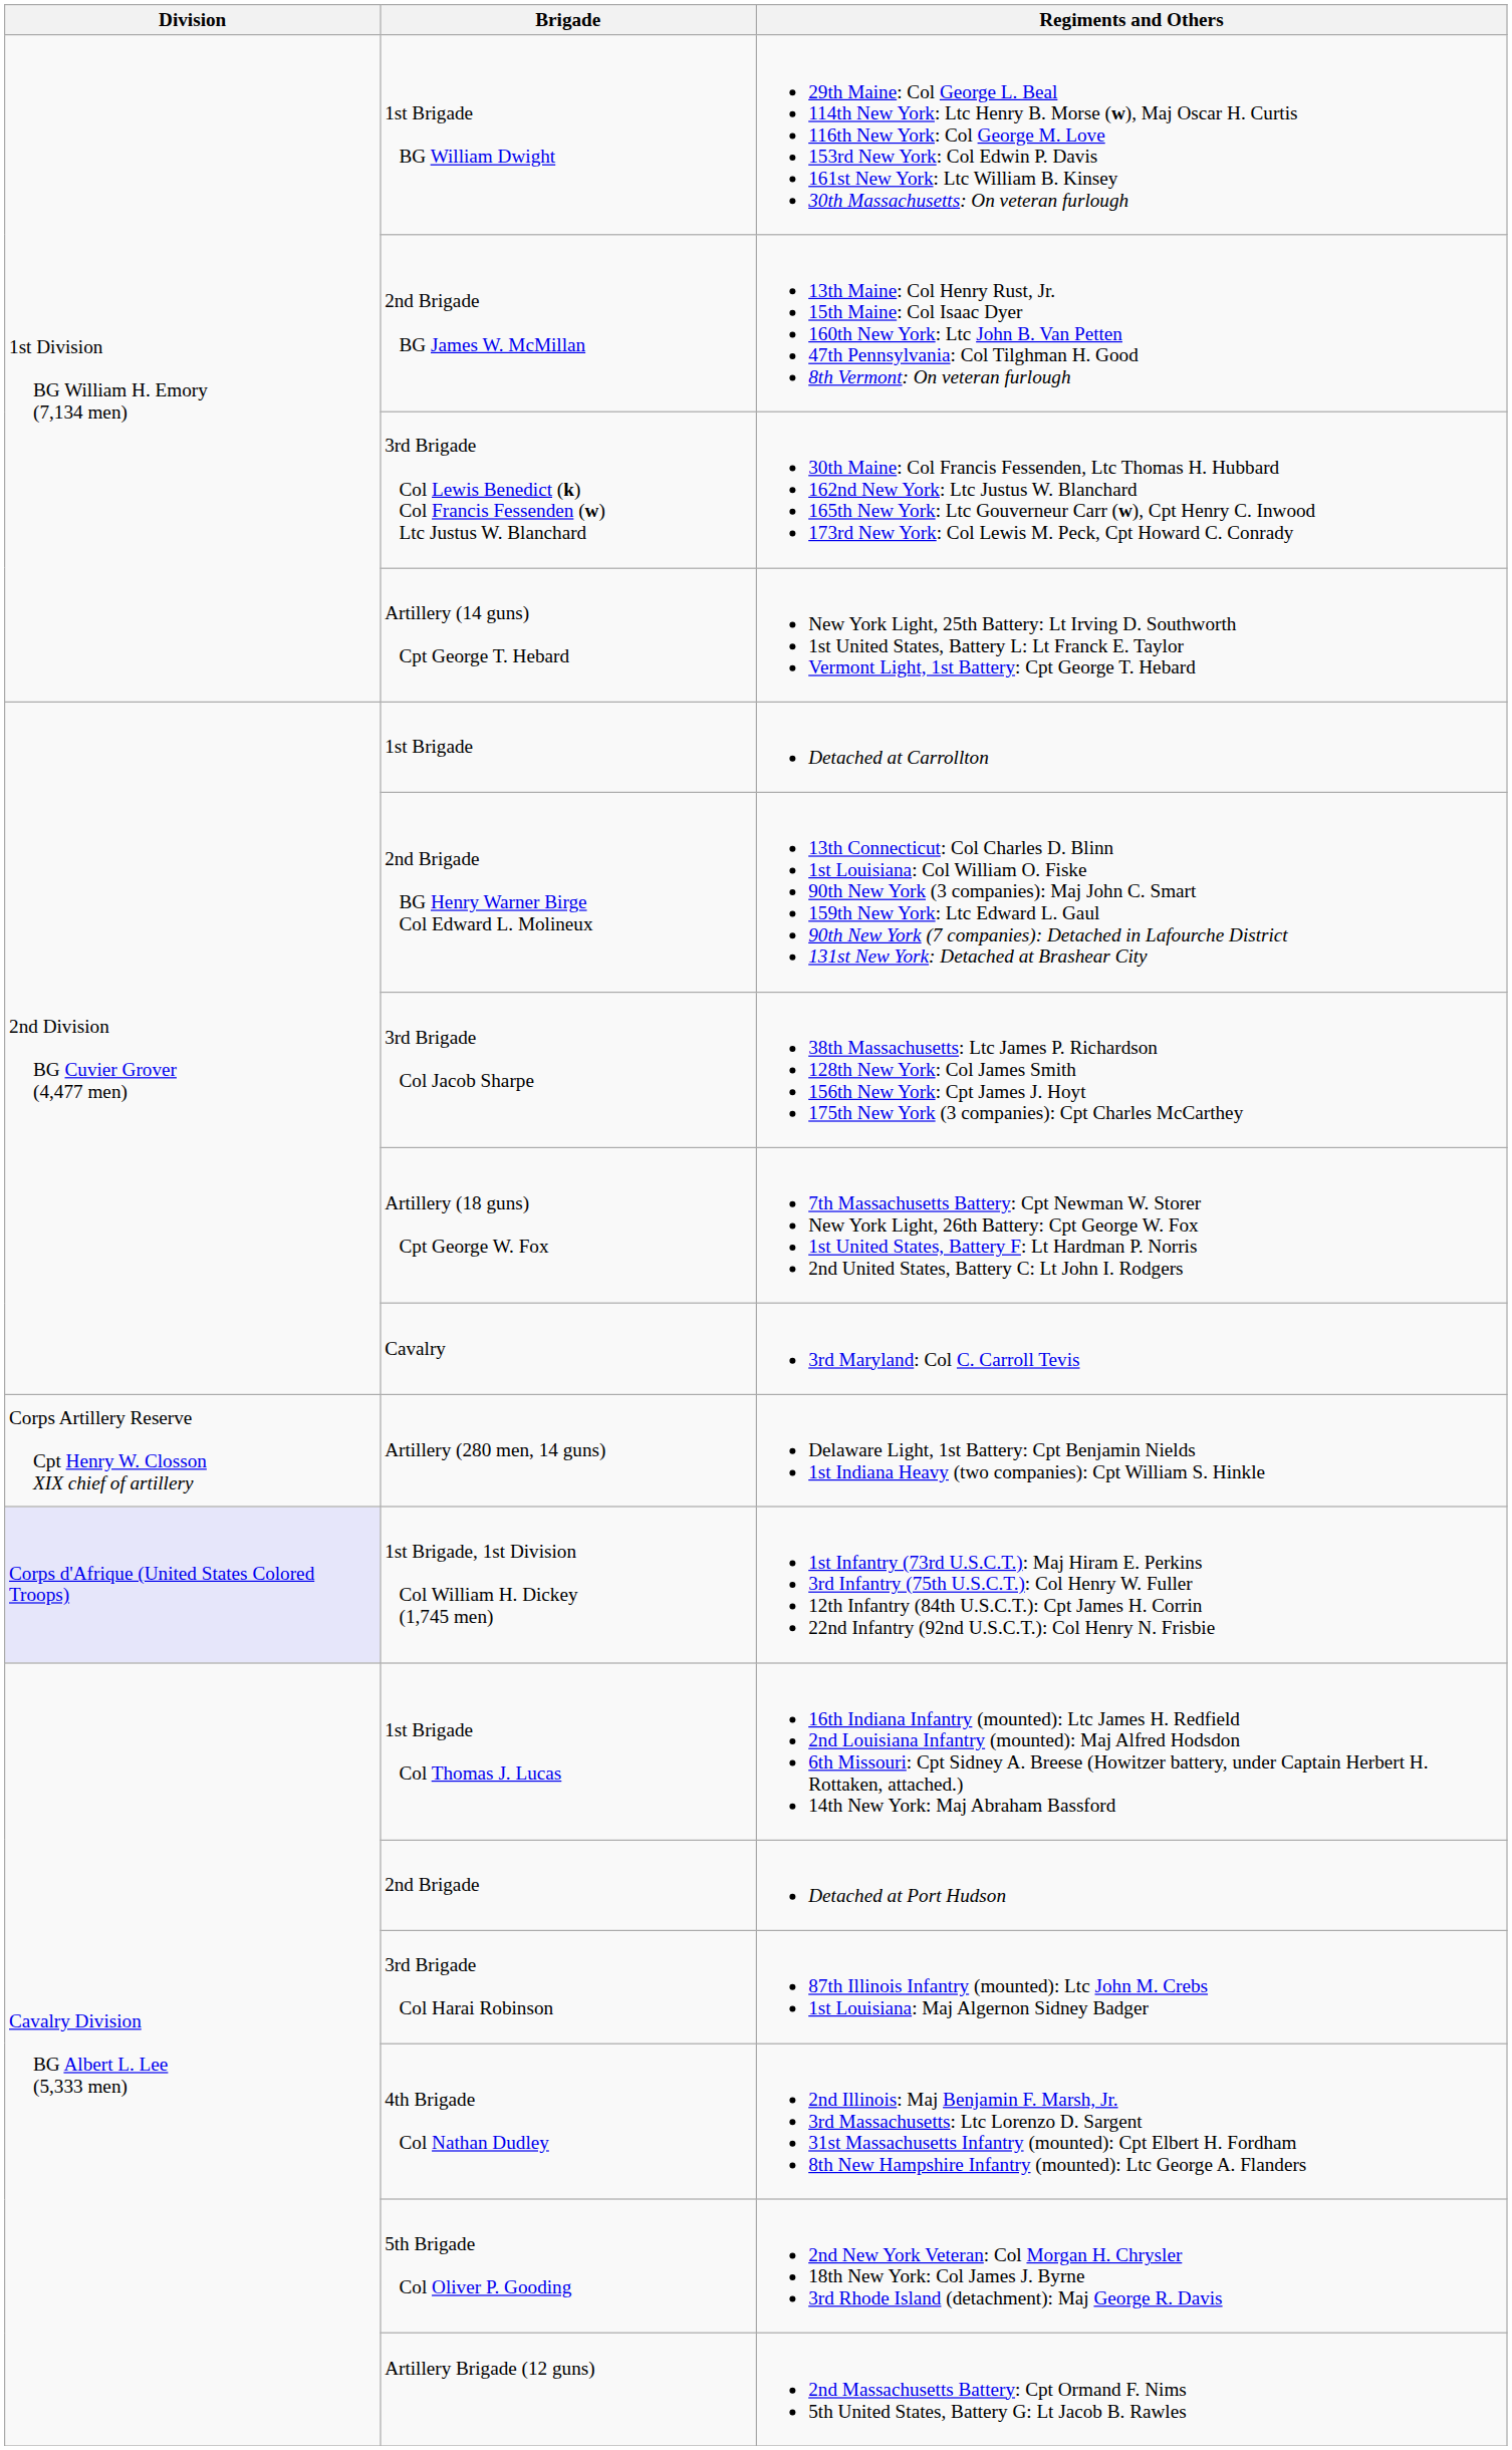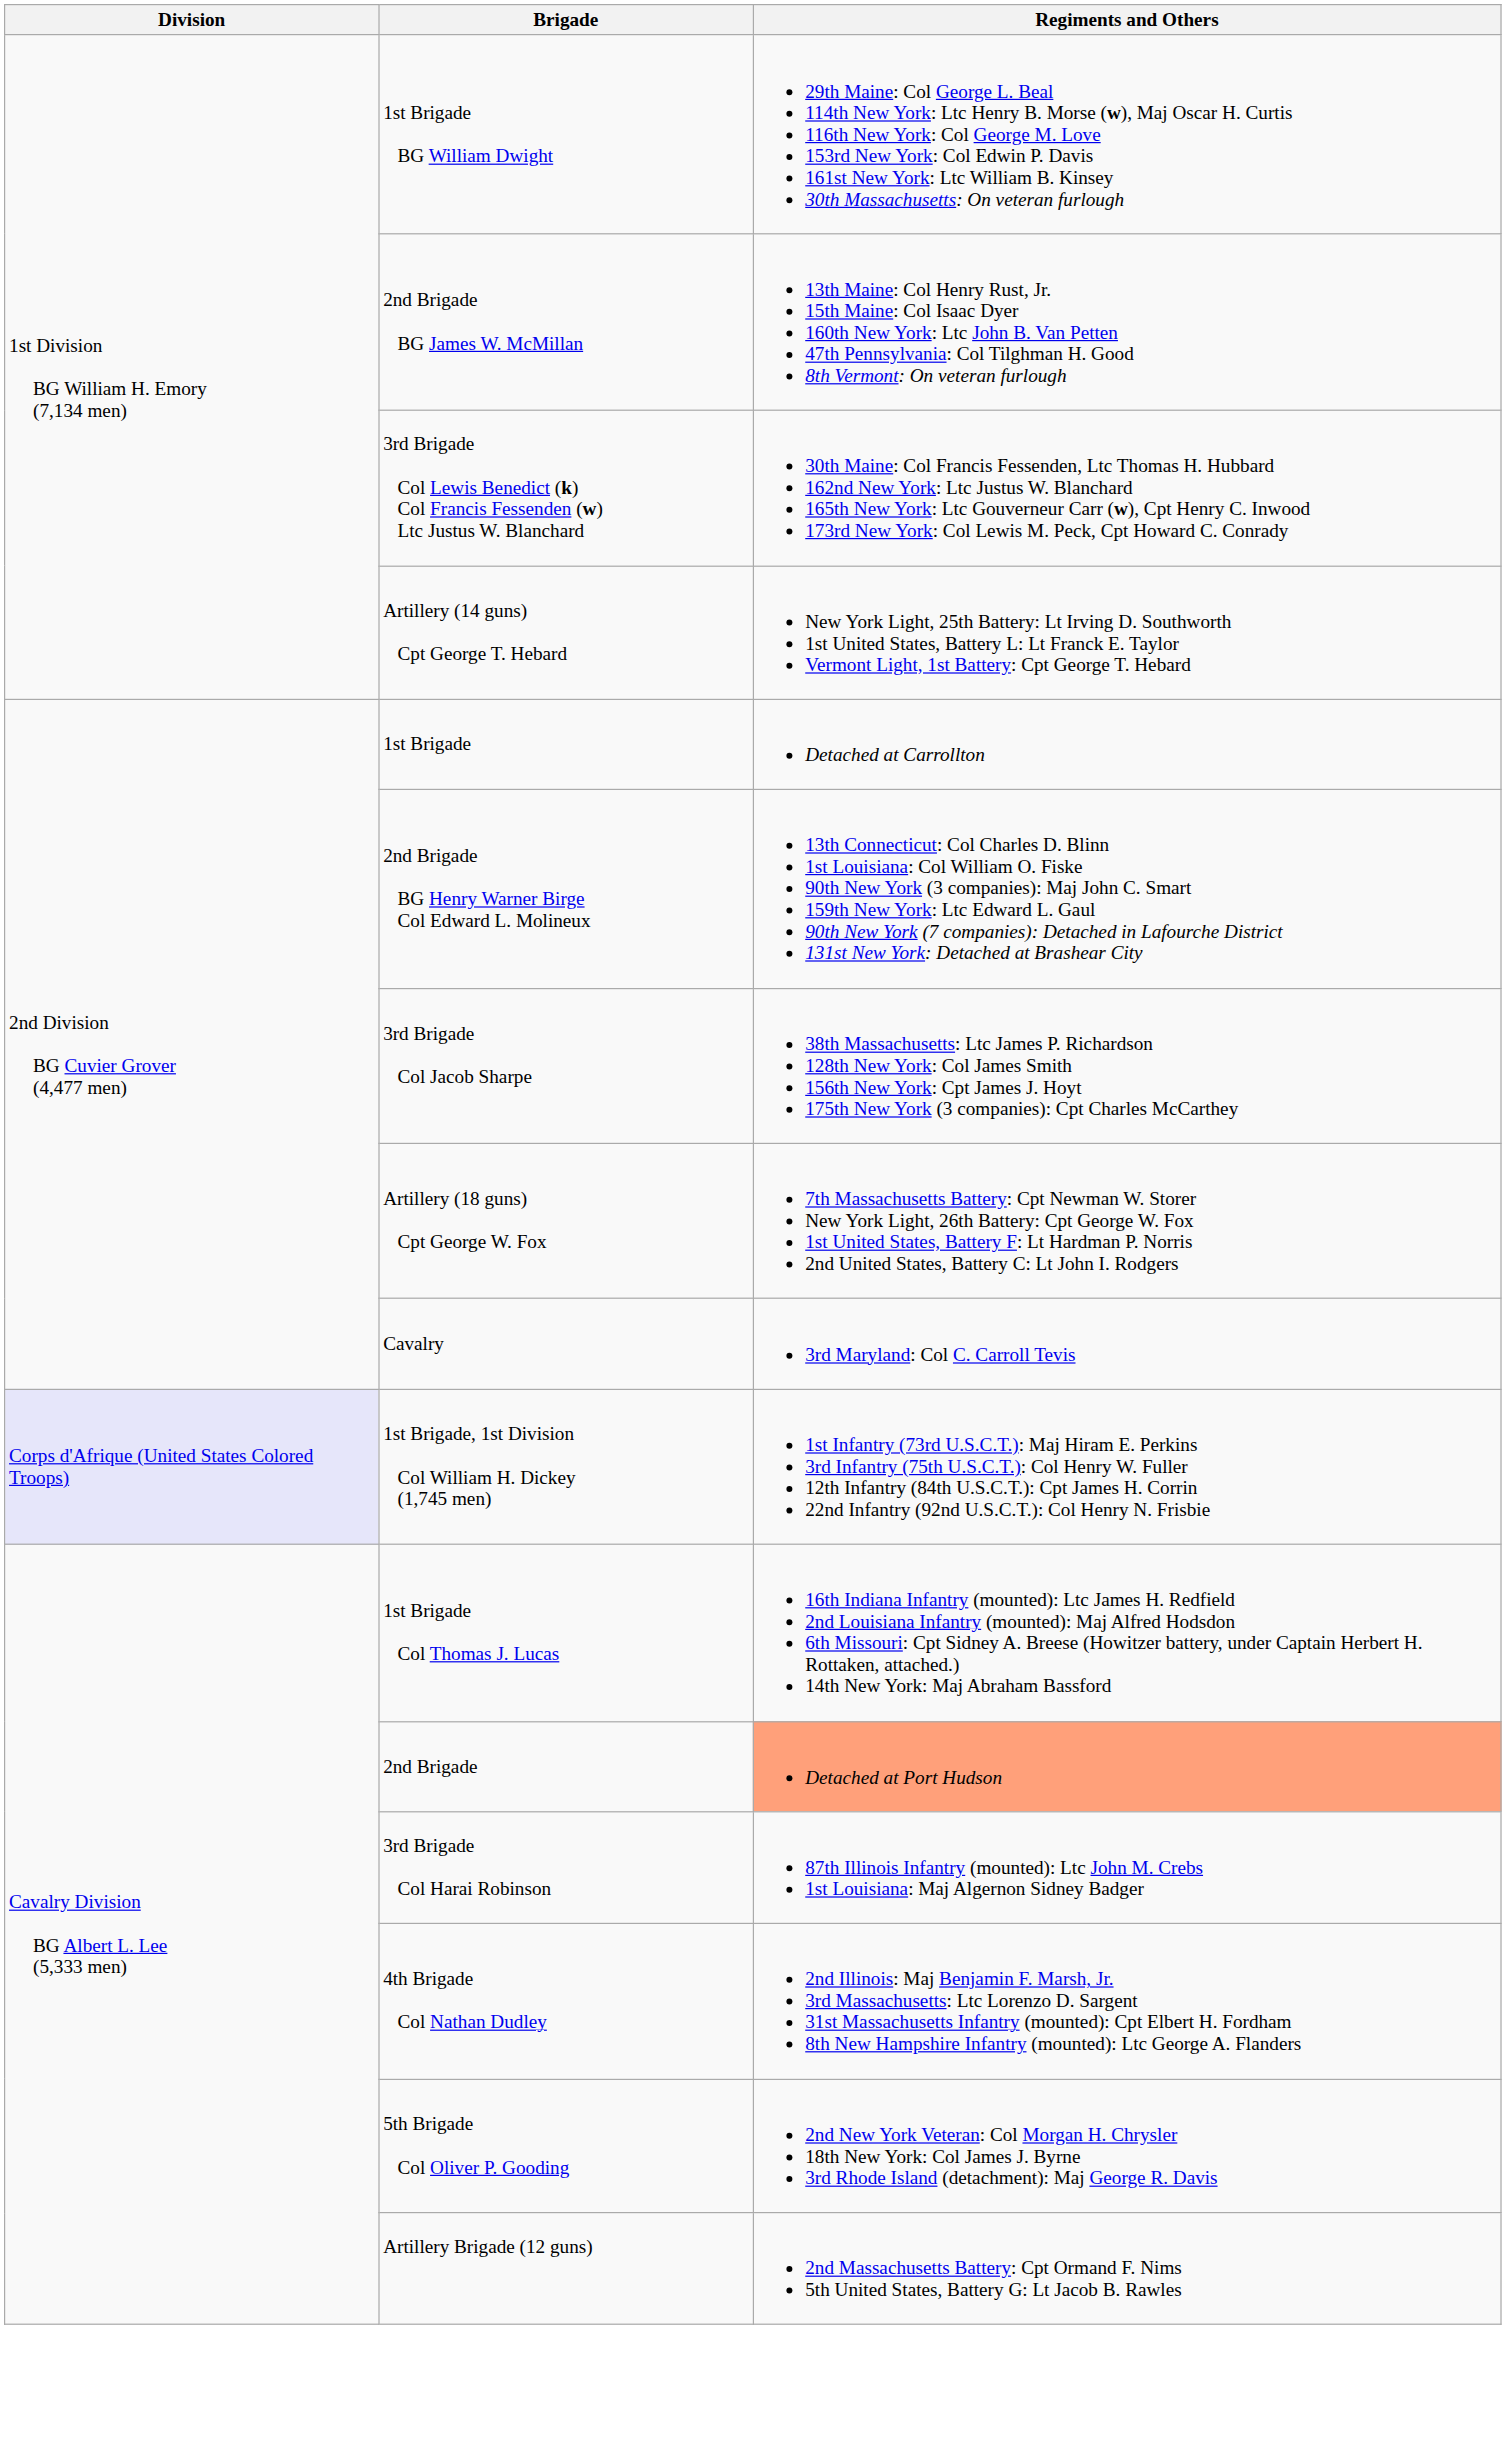 <table class="wikitable">
 <tr>
 <th width="25%">Division</th>
 <th width="25%">Brigade</th>
 <th>Regiments and Others</th>
 </tr>
 <tr>
 <td rowspan="4"><br>1st Division<br><br>     BG William H. Emory <br>     (7,134 men)</td>
 <td>1st Brigade<br><br>   BG <a href='#'>William Dwight</a></td>
 <td><br><ul><li><a href='#'>29th Maine</a>: Col <a href='#'>George L. Beal</a></li><li><a href='#'>114th New York</a>: Ltc Henry B. Morse (<strong>w</strong>), Maj Oscar H. Curtis</li><li><a href='#'>116th New York</a>: Col <a href='#'>George M. Love</a></li><li><a href='#'>153rd New York</a>: Col Edwin P. Davis</li><li><a href='#'>161st New York</a>: Ltc  William B. Kinsey</li><li><em><a href='#'>30th Massachusetts</a>: On veteran furlough</em></li></ul></td>
 </tr>
 <tr>
 <td>2nd Brigade<br><br>   BG <a href='#'>James W. McMillan</a></td>
 <td><br><ul><li><a href='#'>13th Maine</a>: Col Henry Rust, Jr.</li><li><a href='#'>15th Maine</a>: Col Isaac Dyer</li><li><a href='#'>160th New York</a>: Ltc <a href='#'>John B. Van Petten</a></li><li><a href='#'>47th Pennsylvania</a>: Col Tilghman H. Good</li><li><em><a href='#'>8th Vermont</a>: On veteran furlough</em></li></ul></td>
 </tr>
 <tr>
 <td>3rd Brigade<br><br>   Col <a href='#'>Lewis Benedict</a> (<strong>k</strong>) <br>   Col <a href='#'>Francis Fessenden</a> (<strong>w</strong>)<br>   Ltc Justus W. Blanchard</td>
 <td><br><ul><li><a href='#'>30th Maine</a>: Col Francis Fessenden, Ltc Thomas H. Hubbard</li><li><a href='#'>162nd New York</a>: Ltc Justus W. Blanchard</li><li><a href='#'>165th New York</a>: Ltc Gouverneur Carr (<strong>w</strong>), Cpt Henry C. Inwood</li><li><a href='#'>173rd New York</a>: Col Lewis M. Peck, Cpt Howard C. Conrady</li></ul></td>
 </tr>
 <tr>
 <td>Artillery (14 guns)<br><br>   Cpt George T. Hebard</td>
 <td><br><ul><li>New York Light, 25th Battery: Lt Irving D. Southworth</li><li>1st United States, Battery L: Lt Franck E. Taylor</li><li><a href='#'>Vermont Light, 1st Battery</a>: Cpt George T. Hebard</li></ul></td>
 </tr>
 <tr>
 <td rowspan="5"><br>2nd Division<br><br>     BG <a href='#'>Cuvier Grover</a> <br>     (4,477 men)</td>
 <td>1st Brigade</td>
 <td><br><ul><li><em>Detached at Carrollton</em></li></ul></td>
 </tr>
 <tr>
 <td>2nd Brigade<br><br>   BG <a href='#'>Henry Warner Birge</a> <br>   Col Edward L. Molineux</td>
 <td><br><ul><li><a href='#'>13th Connecticut</a>: Col Charles D. Blinn</li><li><a href='#'>1st Louisiana</a>: Col William O. Fiske</li><li><a href='#'>90th New York</a> (3 companies): Maj John C. Smart</li><li><a href='#'>159th New York</a>: Ltc Edward L. Gaul</li><li><em><a href='#'>90th New York</a> (7 companies): Detached in Lafourche District</em></li><li><em><a href='#'>131st New York</a>: Detached at Brashear City</em></li></ul></td>
 </tr>
 <tr>
 <td>3rd Brigade<br><br>   Col Jacob Sharpe <br>  </td>
 <td><br><ul><li><a href='#'>38th Massachusetts</a>: Ltc James P. Richardson</li><li><a href='#'>128th New York</a>: Col James Smith</li><li><a href='#'>156th New York</a>: Cpt James J. Hoyt</li><li><a href='#'>175th New York</a> (3 companies): Cpt Charles McCarthey</li></ul></td>
 </tr>
 <tr>
 <td>Artillery (18 guns)<br><br>   Cpt George W. Fox</td>
 <td><br><ul><li><a href='#'>7th Massachusetts Battery</a>: Cpt Newman W. Storer</li><li>New York Light, 26th Battery: Cpt George W. Fox</li><li><a href='#'>1st United States, Battery F</a>: Lt Hardman P. Norris</li><li>2nd United States, Battery C: Lt John I. Rodgers</li></ul></td>
 </tr>
 <tr>
 <td>Cavalry</td>
 <td><br><ul><li><a href='#'>3rd Maryland</a>: Col <a href='#'>C. Carroll Tevis</a></li></ul></td>
 </tr>
 <tr>
-<td>Corps Artillery Reserve<br><br>     Cpt <a href='#'>Henry W. Closson</a> <br>     <em>XIX chief of artillery</em></td>
-<td>Artillery (280 men, 14 guns)</td>
-<td><br><ul><li>Delaware Light, 1st Battery: Cpt Benjamin Nields</li><li><a href='#'>1st Indiana Heavy</a> (two companies): Cpt William S. Hinkle</li></ul></td>
-</tr>
-<tr>
 <td style="background: lavender;"><a href='#'>Corps d'Afrique (United States Colored Troops)</a></td>
 <td>1st Brigade, 1st Division<br><br>   Col William H. Dickey <br>   (1,745 men)</td>
 <td><br><ul><li><a href='#'>1st Infantry (73rd U.S.C.T.)</a>: Maj Hiram E. Perkins</li><li><a href='#'>3rd Infantry (75th U.S.C.T.)</a>: Col Henry W. Fuller</li><li>12th Infantry (84th U.S.C.T.): Cpt James H. Corrin</li><li>22nd Infantry (92nd U.S.C.T.): Col Henry N. Frisbie</li></ul></td>
 </tr>
 <tr>
 <td rowspan="6"><a href='#'>Cavalry Division</a><br><br>     BG <a href='#'>Albert L. Lee</a> <br>     (5,333 men)</td>
 <td>1st Brigade<br><br>   Col <a href='#'>Thomas J. Lucas</a></td>
 <td><br><ul><li><a href='#'>16th Indiana Infantry</a> (mounted): Ltc James H. Redfield</li><li><a href='#'>2nd Louisiana Infantry</a> (mounted): Maj Alfred Hodsdon</li><li><a href='#'>6th Missouri</a>: Cpt Sidney A. Breese (Howitzer battery, under Captain Herbert H. Rottaken, attached.)</li><li>14th New York: Maj Abraham Bassford</li></ul></td>
 </tr>
 <tr>
 <td>2nd Brigade</td>
-<td><br><ul><li><em>Detached at Port Hudson</em></li></ul></td>
+<td style="background: lightsalmon;"><br><ul><li><em>Detached at Port Hudson</em></li></ul></td>
 </tr>
 <tr>
 <td>3rd Brigade<br><br>   Col Harai Robinson</td>
 <td><br><ul><li><a href='#'>87th Illinois Infantry</a> (mounted): Ltc <a href='#'>John M. Crebs</a></li><li><a href='#'>1st Louisiana</a>: Maj Algernon Sidney Badger</li></ul></td>
 </tr>
 <tr>
 <td>4th Brigade<br><br>   Col <a href='#'>Nathan Dudley</a></td>
 <td><br><ul><li><a href='#'>2nd Illinois</a>: Maj <a href='#'>Benjamin F. Marsh, Jr.</a></li><li><a href='#'>3rd Massachusetts</a>: Ltc Lorenzo D. Sargent</li><li><a href='#'>31st Massachusetts Infantry</a> (mounted): Cpt Elbert H. Fordham</li><li><a href='#'>8th New Hampshire Infantry</a> (mounted): Ltc George A. Flanders</li></ul></td>
 </tr>
 <tr>
 <td>5th Brigade<br><br>   Col <a href='#'>Oliver P. Gooding</a></td>
 <td><br><ul><li><a href='#'>2nd New York Veteran</a>: Col <a href='#'>Morgan H. Chrysler</a></li><li>18th New York: Col James J. Byrne</li><li><a href='#'>3rd Rhode Island</a> (detachment): Maj <a href='#'>George R. Davis</a></li></ul></td>
 </tr>
 <tr>
 <td>Artillery Brigade (12 guns)<br><br>  </td>
 <td><br><ul><li><a href='#'>2nd Massachusetts Battery</a>: Cpt Ormand F. Nims</li><li>5th United States, Battery G: Lt Jacob B. Rawles</li></ul></td>
 </tr>
 </table>
